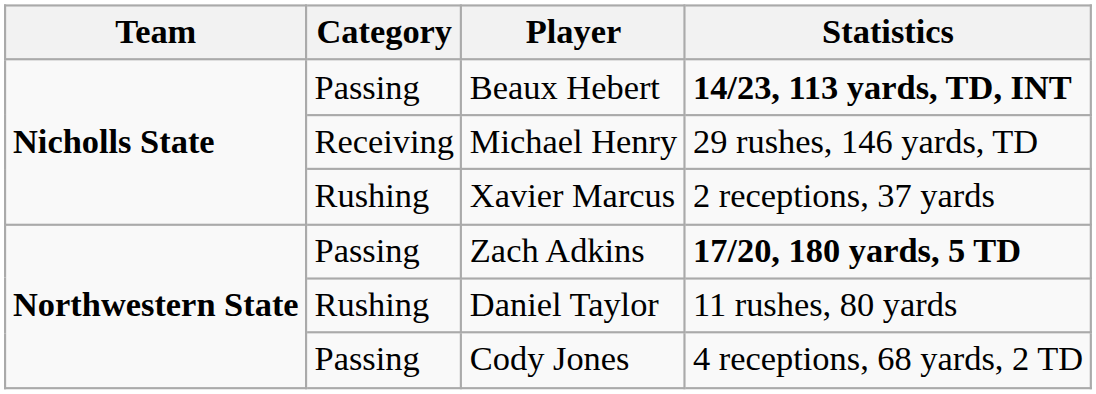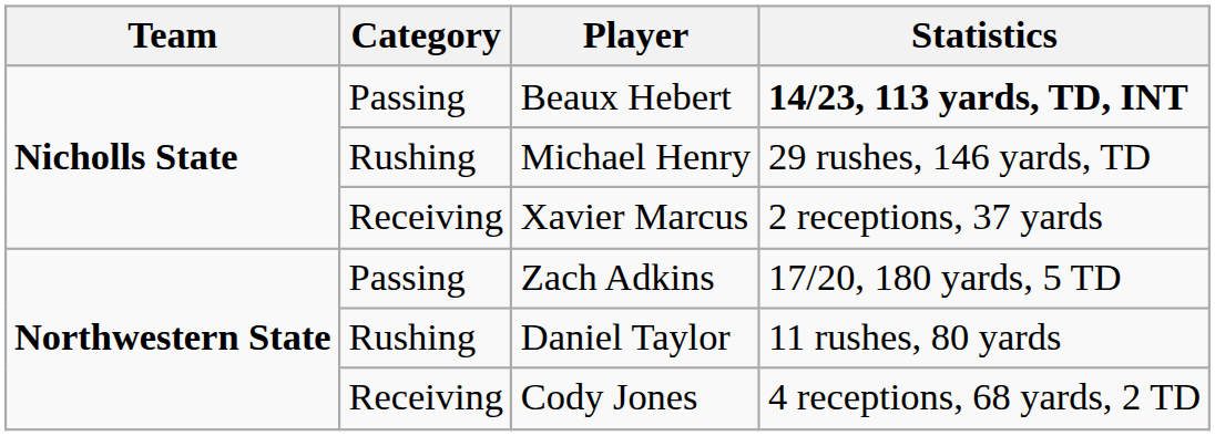 <table class="wikitable" style="float: left;">
 <tr>
 <th>Team</th>
 <th>Category</th>
 <th>Player</th>
 <th>Statistics</th>
 </tr>
 <tr>
 <td rowspan=3><strong>Nicholls State</strong></td>
 <td>Passing</td>
 <td>Beaux Hebert</td>
 <td><strong>14/23, 113 yards, TD, INT</strong></td>
 </tr>
 <tr>
-<td>Receiving</td>
+<td>Rushing</td>
 <td>Michael Henry</td>
 <td>29 rushes, 146 yards, TD</td>
 </tr>
 <tr>
-<td>Rushing</td>
+<td>Receiving</td>
 <td>Xavier Marcus</td>
 <td>2 receptions, 37 yards</td>
 </tr>
 <tr>
 <td rowspan=3><strong>Northwestern State</strong></td>
 <td>Passing</td>
 <td>Zach Adkins</td>
-<td><strong>17/20, 180 yards, 5 TD</strong></td>
+<td>17/20, 180 yards, 5 TD</td>
 </tr>
 <tr>
 <td>Rushing</td>
 <td>Daniel Taylor</td>
 <td>11 rushes, 80 yards</td>
 </tr>
 <tr>
-<td>Passing</td>
+<td>Receiving</td>
 <td>Cody Jones</td>
 <td>4 receptions, 68 yards, 2 TD</td>
 </tr>
 </table>
